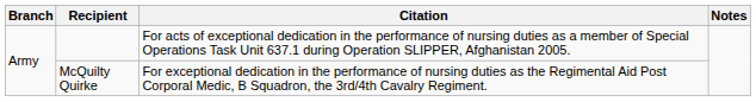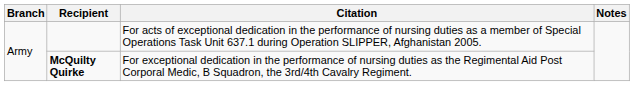 <table class="wikitable" style="font-size:95%;">
 <tr>
 <th>Branch</th>
 <th>Recipient</th>
 <th>Citation</th>
 <th>Notes</th>
 </tr>
 <tr>
 <td rowspan=2>Army</td>
 <td></td>
 <td>For acts of exceptional dedication in the performance of nursing duties as a member of Special Operations Task Unit 637.1 during Operation SLIPPER, Afghanistan 2005.</td>
 <td rowspan=2></td>
 </tr>
 <tr>
-<td> McQuilty Quirke</td>
+<td><strong> McQuilty Quirke</strong></td>
 <td>For exceptional dedication in the performance of nursing duties as the Regimental Aid Post Corporal Medic, B Squadron, the 3rd/4th Cavalry Regiment.</td>
 </tr>
 </table>
